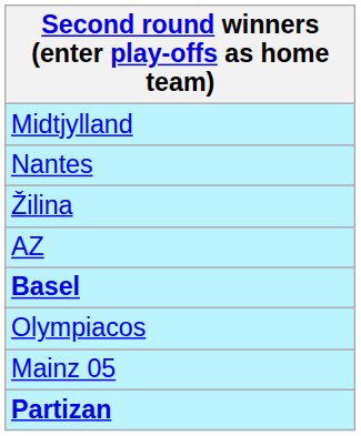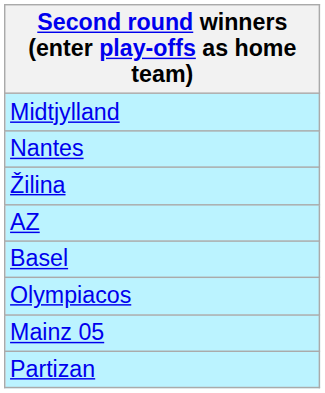 <table class="wikitable">
 <tr>
 <th width=210><a href='#'>Second round</a> winners<br>(enter <a href='#'>play-offs</a> as home team)</th>
 </tr>
 <tr>
 <td bgcolor=#BBF3FF> <a href='#'>Midtjylland</a></td>
 </tr>
 <tr>
 <td bgcolor=#BBF3FF> <a href='#'>Nantes</a></td>
 </tr>
 <tr>
 <td bgcolor=#BBF3FF> <a href='#'>Žilina</a></td>
 </tr>
 <tr>
 <td bgcolor=#BBF3FF> <a href='#'>AZ</a></td>
 </tr>
 <tr>
-<td bgcolor=#BBF3FF><strong> <a href='#'>Basel</a></strong></td>
+<td bgcolor=#BBF3FF> <a href='#'>Basel</a></td>
 </tr>
 <tr>
 <td bgcolor=#BBF3FF> <a href='#'>Olympiacos</a></td>
 </tr>
 <tr>
 <td bgcolor=#BBF3FF> <a href='#'>Mainz 05</a></td>
 </tr>
 <tr>
-<td bgcolor=#BBF3FF><strong> <a href='#'>Partizan</a></strong></td>
+<td bgcolor=#BBF3FF> <a href='#'>Partizan</a></td>
 </tr>
 </table>
